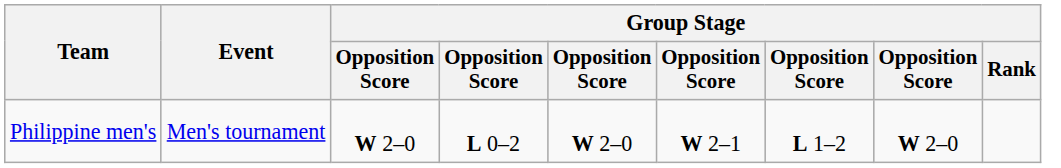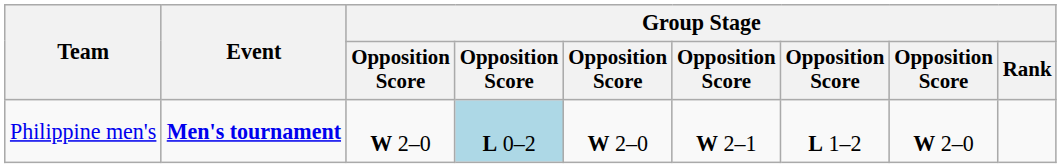 <table class="wikitable" style="font-size:90%">
 <tr>
 <th rowspan=2>Team</th>
 <th rowspan=2>Event</th>
 <th colspan=7>Group Stage</th>
 </tr>
 <tr style="font-size:95%">
 <th>Opposition<br>Score</th>
 <th>Opposition<br>Score</th>
 <th>Opposition<br>Score</th>
 <th>Opposition<br>Score</th>
 <th>Opposition<br>Score</th>
 <th>Opposition<br>Score</th>
 <th>Rank</th>
 </tr>
 <tr align=center>
 <td align=left><a href='#'>Philippine men's</a></td>
-<td align=left><a href='#'>Men's tournament</a></td>
+<td align=left><strong><a href='#'>Men's tournament</a></strong></td>
 <td><br><strong>W</strong> 2–0</td>
-<td><br><strong>L</strong> 0–2</td>
+<td style="background: lightblue;"><br><strong>L</strong> 0–2</td>
 <td><br><strong>W</strong> 2–0</td>
 <td><br><strong>W</strong> 2–1</td>
 <td><br><strong>L</strong> 1–2</td>
 <td><br><strong>W</strong> 2–0</td>
 <td></td>
 </tr>
 </table>
